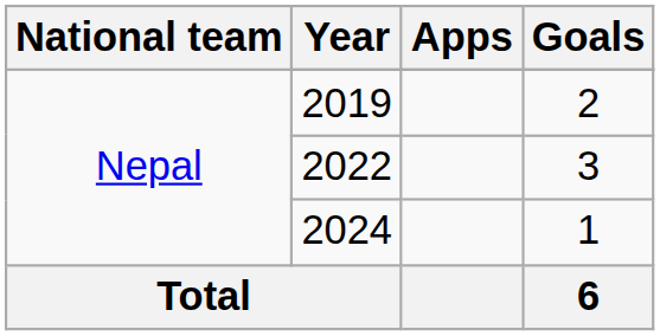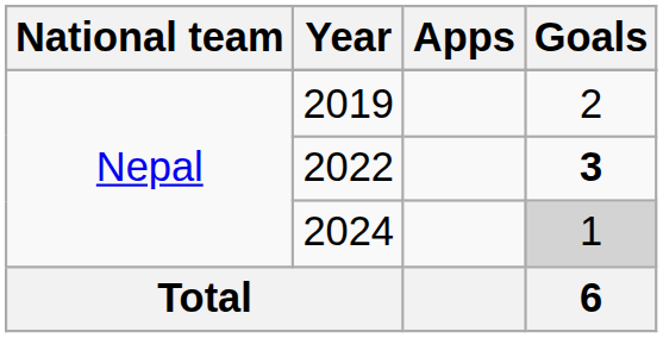 <table class="wikitable" style="text-align:center">
 <tr>
 <th>National team</th>
 <th>Year</th>
 <th>Apps</th>
 <th>Goals</th>
 </tr>
 <tr>
 <td rowspan="4"><a href='#'>Nepal</a></td>
 </tr>
 <tr>
 <td>2019</td>
 <td></td>
 <td>2</td>
 </tr>
 <tr>
 <td>2022</td>
 <td></td>
-<td>3</td>
+<td><strong>3</strong></td>
 </tr>
 <tr>
 <td>2024</td>
 <td></td>
-<td>1</td>
+<td style="background: lightgrey;">1</td>
 </tr>
 <tr>
 <th colspan="2">Total</th>
 <th></th>
 <th>6</th>
 </tr>
 </table>
